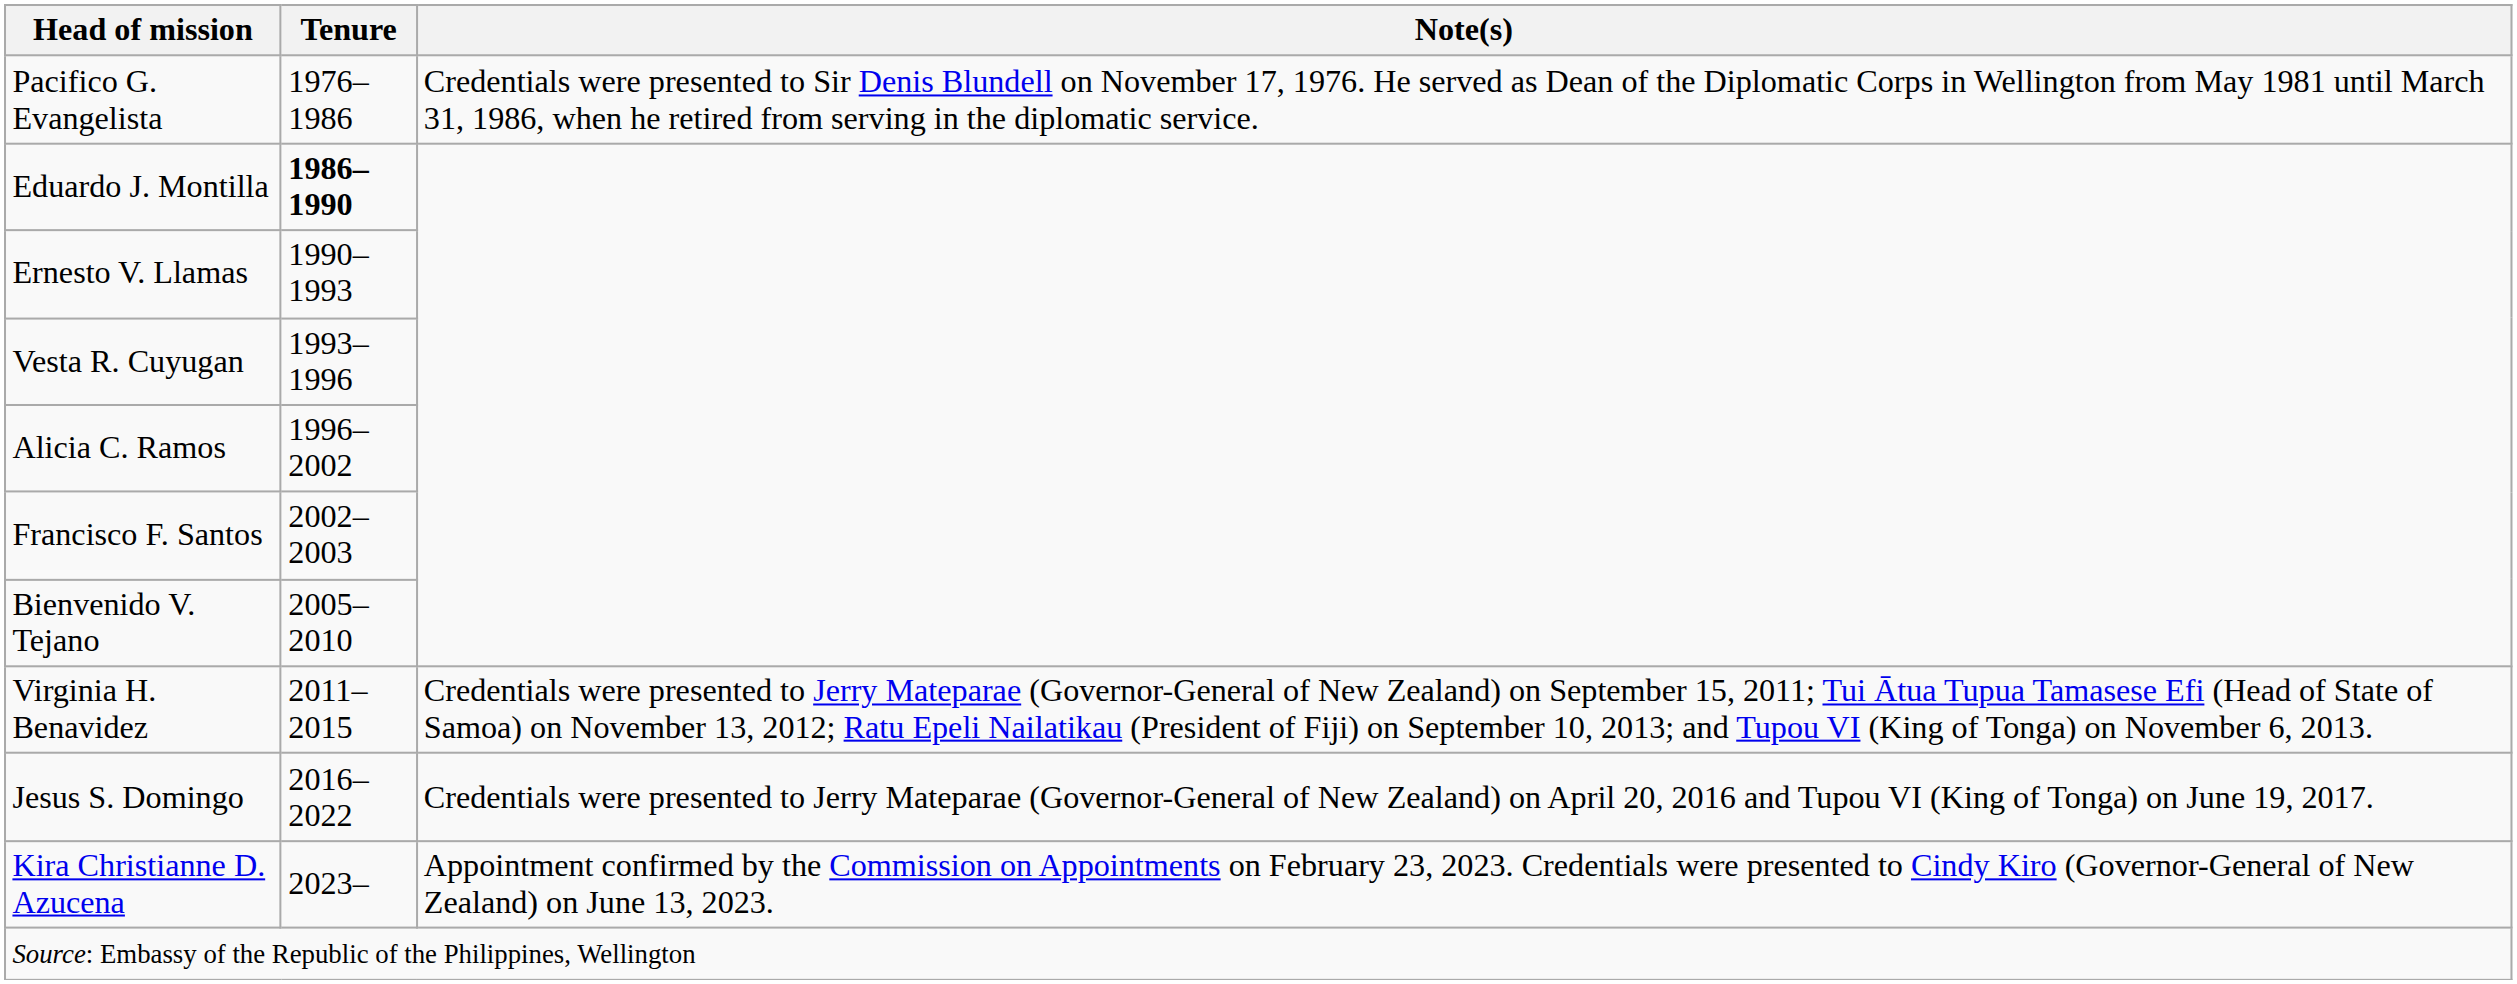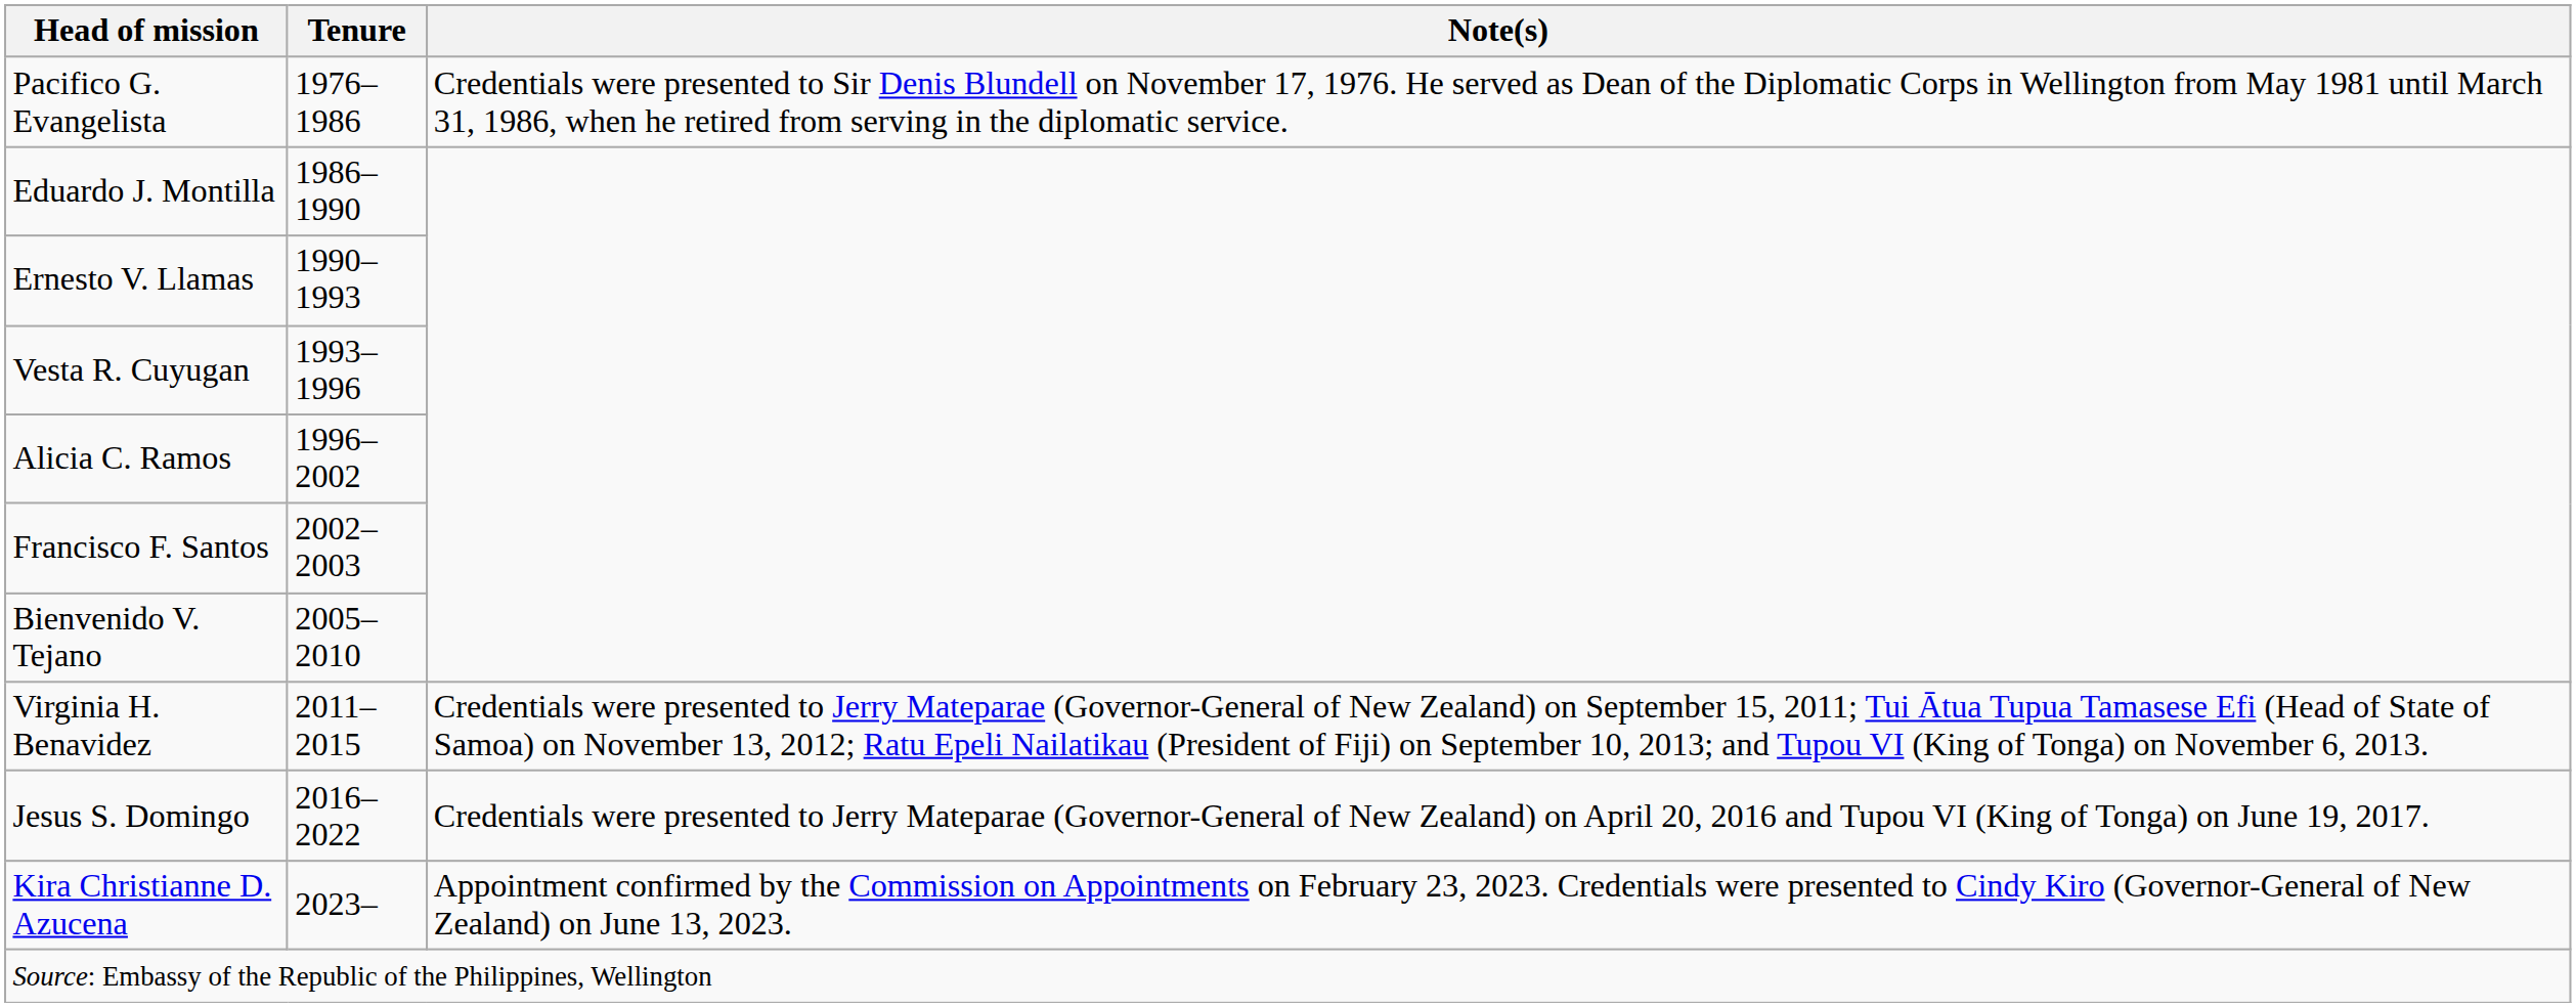 <table class=wikitable>
 <tr>
 <th>Head of mission</th>
 <th>Tenure</th>
 <th>Note(s)</th>
 </tr>
 <tr>
 <td>Pacifico G. Evangelista</td>
 <td>1976–1986</td>
 <td>Credentials were presented to Sir <a href='#'>Denis Blundell</a> on November 17, 1976. He served as Dean of the Diplomatic Corps in Wellington from May 1981 until March 31, 1986, when he retired from serving in the diplomatic service.</td>
 </tr>
 <tr>
 <td>Eduardo J. Montilla</td>
-<td><strong>1986–1990</strong></td>
+<td>1986–1990</td>
 </tr>
 <tr>
 <td>Ernesto V. Llamas</td>
 <td>1990–1993</td>
 </tr>
 <tr>
 <td>Vesta R. Cuyugan</td>
 <td>1993–1996</td>
 </tr>
 <tr>
 <td>Alicia C. Ramos</td>
 <td>1996–2002</td>
 </tr>
 <tr>
 <td>Francisco F. Santos</td>
 <td>2002–2003</td>
 </tr>
 <tr>
 <td>Bienvenido V. Tejano</td>
 <td>2005–2010</td>
 </tr>
 <tr>
 <td>Virginia H. Benavidez</td>
 <td>2011–2015</td>
 <td>Credentials were presented to <a href='#'>Jerry Mateparae</a> (Governor-General of New Zealand) on September 15, 2011; <a href='#'>Tui Ātua Tupua Tamasese Efi</a> (Head of State of Samoa) on November 13, 2012; <a href='#'>Ratu Epeli Nailatikau</a> (President of Fiji) on September 10, 2013; and <a href='#'>Tupou VI</a> (King of Tonga) on November 6, 2013.</td>
 </tr>
 <tr>
 <td>Jesus S. Domingo</td>
 <td>2016–2022</td>
 <td>Credentials were presented to Jerry Mateparae (Governor-General of New Zealand) on April 20, 2016 and Tupou VI (King of Tonga) on June 19, 2017.</td>
 </tr>
 <tr>
 <td><a href='#'>Kira Christianne D. Azucena</a></td>
 <td>2023–</td>
 <td>Appointment confirmed by the <a href='#'>Commission on Appointments</a> on February 23, 2023. Credentials were presented to <a href='#'>Cindy Kiro</a> (Governor-General of New Zealand) on June 13, 2023.</td>
 </tr>
 <tr>
 <td colspan=5><small><em>Source</em>: Embassy of the Republic of the Philippines, Wellington</small></td>
 </tr>
 </table>
